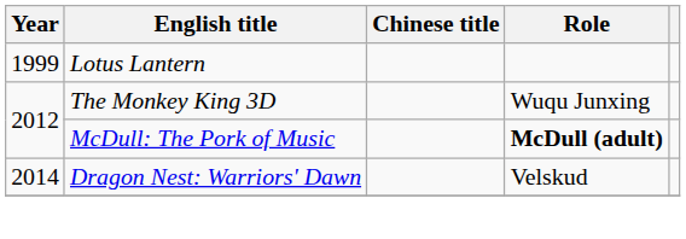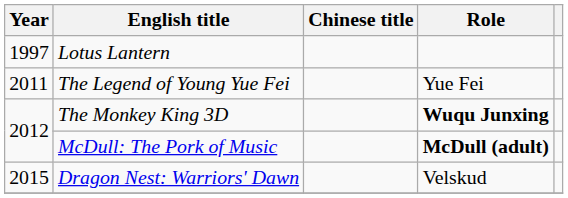 <table class="wikitable sortable plainrowheaders">
 <tr>
 <th>Year</th>
 <th>English title</th>
 <th>Chinese title</th>
 <th>Role</th>
 <th class="unsortable"></th>
 </tr>
 <tr>
-<td>1999</td>
+<td>1997</td>
 <td><em>Lotus Lantern</em></td>
 <td></td>
 <td></td>
 <td></td>
 </tr>
 <tr>
+<td>2011</td>
+<td><em>The Legend of Young Yue Fei</em></td>
+<td></td>
+<td>Yue Fei</td>
+<td></td>
+</tr>
+<tr>
 <td rowspan=2>2012</td>
 <td><em>The Monkey King 3D</em></td>
 <td></td>
-<td>Wuqu Junxing</td>
+<td><strong>Wuqu Junxing</strong></td>
 <td></td>
 </tr>
 <tr>
 <td><em><a href='#'>McDull: The Pork of Music</a></em></td>
 <td></td>
 <td><strong>McDull (adult)</strong></td>
 <td></td>
 </tr>
 <tr>
-<td>2014</td>
+<td>2015</td>
 <td><em><a href='#'>Dragon Nest: Warriors' Dawn</a></em></td>
 <td></td>
 <td>Velskud</td>
 <td></td>
 </tr>
 <tr>
 </tr>
 </table>
